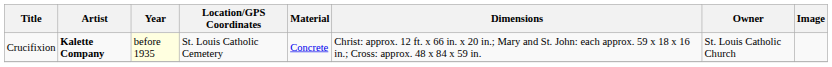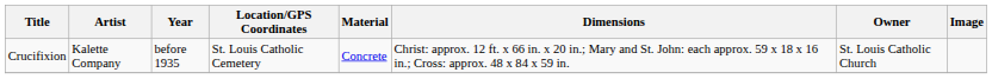 <table class="wikitable sortable">
 <tr>
 <th>Title</th>
 <th>Artist</th>
 <th>Year</th>
 <th>Location/GPS Coordinates</th>
 <th>Material</th>
 <th>Dimensions</th>
 <th>Owner</th>
 <th>Image</th>
 </tr>
 <tr>
 <td>Crucifixion</td>
-<td><strong>Kalette Company</strong></td>
-<td style="background: lightyellow;">before 1935</td>
+<td>Kalette Company</td>
+<td>before 1935</td>
 <td>St. Louis Catholic Cemetery</td>
 <td><a href='#'>Concrete</a></td>
 <td>Christ: approx. 12 ft. x 66 in. x 20 in.; Mary and St. John: each approx. 59 x 18 x 16 in.; Cross: approx. 48 x 84 x 59 in.</td>
 <td>St. Louis Catholic Church</td>
 <td></td>
 </tr>
 <tr>
 </tr>
 </table>
